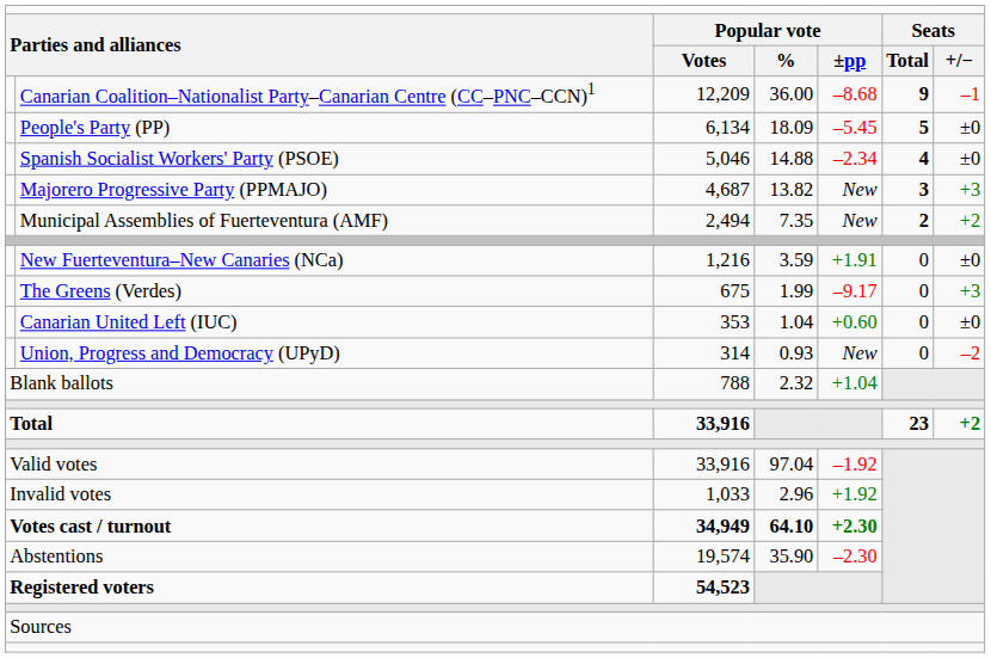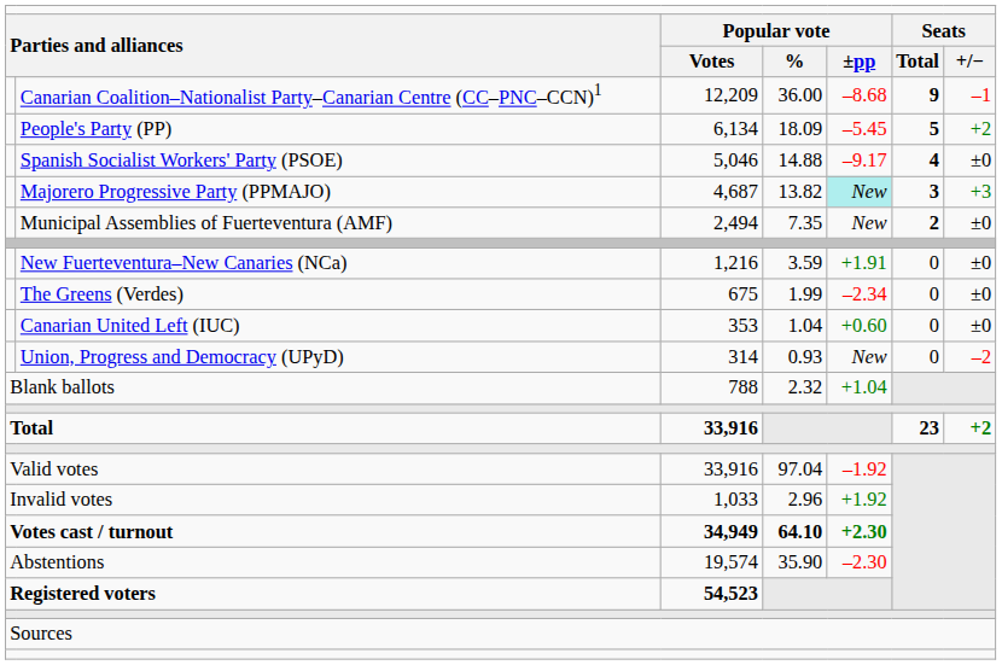 <table class="wikitable" style="text-align:right;">
 <tr>
 <td colspan="7"></td>
 </tr>
 <tr>
 <th style="text-align:left;" rowspan="2" colspan="2" width="525">Parties and alliances</th>
 <th colspan="3">Popular vote</th>
 <th colspan="2">Seats</th>
 </tr>
 <tr>
 <th width="75">Votes</th>
 <th width="45">%</th>
 <th width="45">±<a href='#'>pp</a></th>
 <th width="35">Total</th>
 <th width="35">+/−</th>
 </tr>
 <tr>
 <td width="1" style="color:inherit;background:"></td>
 <td align="left"><a href='#'>Canarian Coalition–Nationalist Party</a>–<a href='#'>Canarian Centre</a> (<a href='#'>CC</a>–<a href='#'>PNC</a>–CCN)<sup>1</sup></td>
 <td>12,209</td>
 <td>36.00</td>
 <td style="color:red;">–8.68</td>
 <td><strong>9</strong></td>
 <td style="color:red;">–1</td>
 </tr>
 <tr>
 <td style="color:inherit;background:"></td>
 <td align="left"><a href='#'>People's Party</a> (PP)</td>
 <td>6,134</td>
 <td>18.09</td>
 <td style="color:red;">–5.45</td>
 <td><strong>5</strong></td>
-<td>±0</td>
+<td style="color:green;">+2</td>
 </tr>
 <tr>
 <td style="color:inherit;background:"></td>
 <td align="left"><a href='#'>Spanish Socialist Workers' Party</a> (PSOE)</td>
 <td>5,046</td>
 <td>14.88</td>
-<td style="color:red;">–2.34</td>
+<td style="color:red;">–9.17</td>
 <td><strong>4</strong></td>
 <td>±0</td>
 </tr>
 <tr>
 <td style="color:inherit;background:"></td>
 <td align="left"><a href='#'>Majorero Progressive Party</a> (PPMAJO)</td>
 <td>4,687</td>
 <td>13.82</td>
-<td><em>New</em></td>
+<td style="background: paleturquoise;"><em>New</em></td>
 <td><strong>3</strong></td>
 <td style="color:green;">+3</td>
 </tr>
 <tr>
 <td style="color:inherit;background:"></td>
 <td align="left">Municipal Assemblies of Fuerteventura (AMF)</td>
 <td>2,494</td>
 <td>7.35</td>
 <td><em>New</em></td>
 <td><strong>2</strong></td>
-<td style="color:green;">+2</td>
+<td>±0</td>
 </tr>
 <tr>
 <td colspan="7" bgcolor="#C0C0C0"></td>
 </tr>
 <tr>
 <td style="color:inherit;background:"></td>
 <td align="left"><a href='#'>New Fuerteventura–New Canaries</a> (NCa)</td>
 <td>1,216</td>
 <td>3.59</td>
 <td style="color:green;">+1.91</td>
 <td>0</td>
 <td>±0</td>
 </tr>
 <tr>
 <td style="color:inherit;background:"></td>
 <td align="left"><a href='#'>The Greens</a> (Verdes)</td>
 <td>675</td>
 <td>1.99</td>
-<td style="color:red;">–9.17</td>
+<td style="color:red;">–2.34</td>
 <td>0</td>
-<td style="color:green;">+3</td>
+<td>±0</td>
 </tr>
 <tr>
 <td style="color:inherit;background:"></td>
 <td align="left"><a href='#'>Canarian United Left</a> (IUC)</td>
 <td>353</td>
 <td>1.04</td>
 <td style="color:green;">+0.60</td>
 <td>0</td>
 <td>±0</td>
 </tr>
 <tr>
 <td style="color:inherit;background:"></td>
 <td align="left"><a href='#'>Union, Progress and Democracy</a> (UPyD)</td>
 <td>314</td>
 <td>0.93</td>
 <td><em>New</em></td>
 <td>0</td>
 <td style="color:red;">–2</td>
 </tr>
 <tr>
 <td align="left" colspan="2">Blank ballots</td>
 <td>788</td>
 <td>2.32</td>
 <td style="color:green;">+1.04</td>
 <td bgcolor="#E9E9E9" colspan="2"></td>
 </tr>
 <tr>
 <td colspan="7" bgcolor="#E9E9E9"></td>
 </tr>
 <tr style="font-weight:bold;">
 <td align="left" colspan="2">Total</td>
 <td>33,916</td>
 <td bgcolor="#E9E9E9" colspan="2"></td>
 <td>23</td>
 <td style="color:green;">+2</td>
 </tr>
 <tr>
 <td colspan="7" bgcolor="#E9E9E9"></td>
 </tr>
 <tr>
 <td align="left" colspan="2">Valid votes</td>
 <td>33,916</td>
 <td>97.04</td>
 <td style="color:red;">–1.92</td>
 <td bgcolor="#E9E9E9" colspan="2" rowspan="5"></td>
 </tr>
 <tr>
 <td align="left" colspan="2">Invalid votes</td>
 <td>1,033</td>
 <td>2.96</td>
 <td style="color:green;">+1.92</td>
 </tr>
 <tr style="font-weight:bold;">
 <td align="left" colspan="2">Votes cast / turnout</td>
 <td>34,949</td>
 <td>64.10</td>
 <td style="color:green;">+2.30</td>
 </tr>
 <tr>
 <td align="left" colspan="2">Abstentions</td>
 <td>19,574</td>
 <td>35.90</td>
 <td style="color:red;">–2.30</td>
 </tr>
 <tr style="font-weight:bold;">
 <td align="left" colspan="2">Registered voters</td>
 <td>54,523</td>
 <td bgcolor="#E9E9E9" colspan="2"></td>
 </tr>
 <tr>
 <td colspan="7" bgcolor="#E9E9E9"></td>
 </tr>
 <tr>
 <td align="left" colspan="7">Sources</td>
 </tr>
 <tr>
 <td colspan="7" style="text-align:left; max-width:790px;"></td>
 </tr>
 </table>
